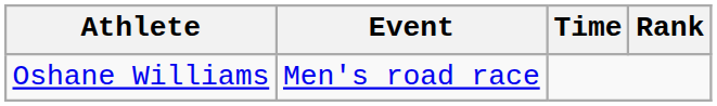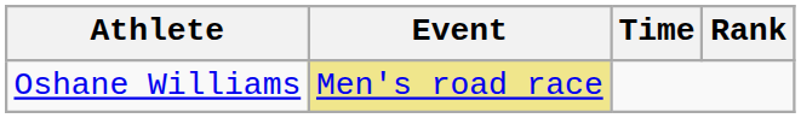 <table class=wikitable style="font-size:90%;">
 <tr>
 <th>Athlete</th>
 <th>Event</th>
 <th>Time</th>
 <th>Rank</th>
 </tr>
 <tr align=center>
 <td align=left><a href='#'>Oshane Williams</a></td>
-<td align=left><a href='#'>Men's road race</a></td>
+<td align=left style="background: khaki;"><a href='#'>Men's road race</a></td>
 <td colspan=2></td>
 </tr>
 </table>
